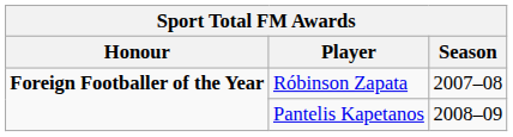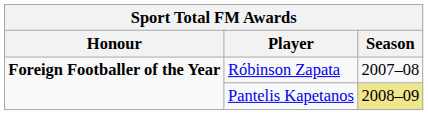 <table class="wikitable" align=center>
 <tr>
 <th Colspan=3>Sport Total FM Awards</th>
 </tr>
 <tr>
 <th Align=Left>Honour</th>
 <th Align=Left>Player</th>
 <th Align=Left>Season</th>
 </tr>
 <tr>
 <td valign="top" Rowspan=2 Align=left><strong>Foreign Footballer of the Year</strong></td>
 <td><a href='#'>Róbinson Zapata</a></td>
 <td class="wikitable" align=center>2007–08</td>
 </tr>
 <tr>
 <td><a href='#'>Pantelis Kapetanos</a></td>
-<td class="wikitable" align=center>2008–09</td>
+<td class="wikitable" align=center style="background: khaki;">2008–09</td>
 </tr>
 </table>
